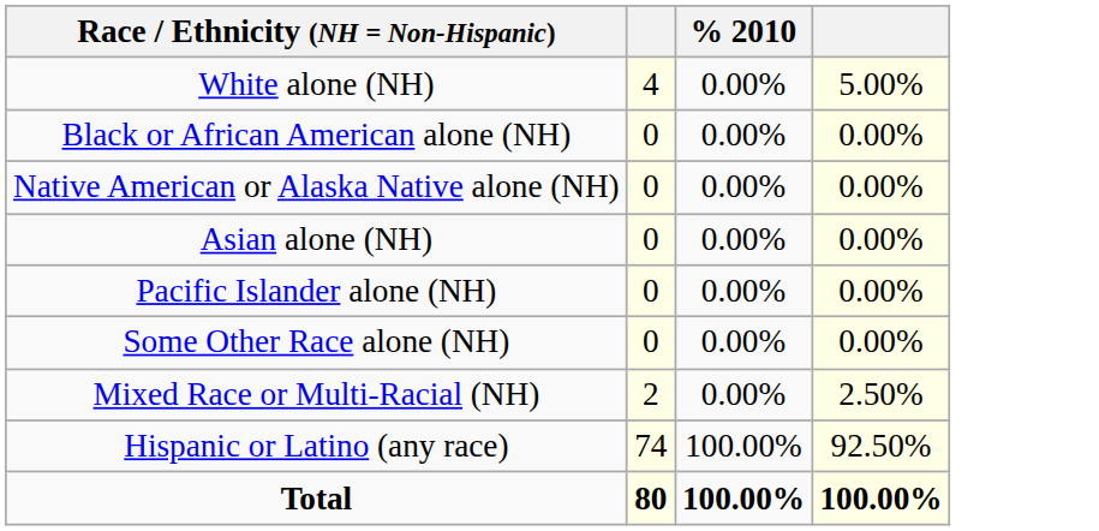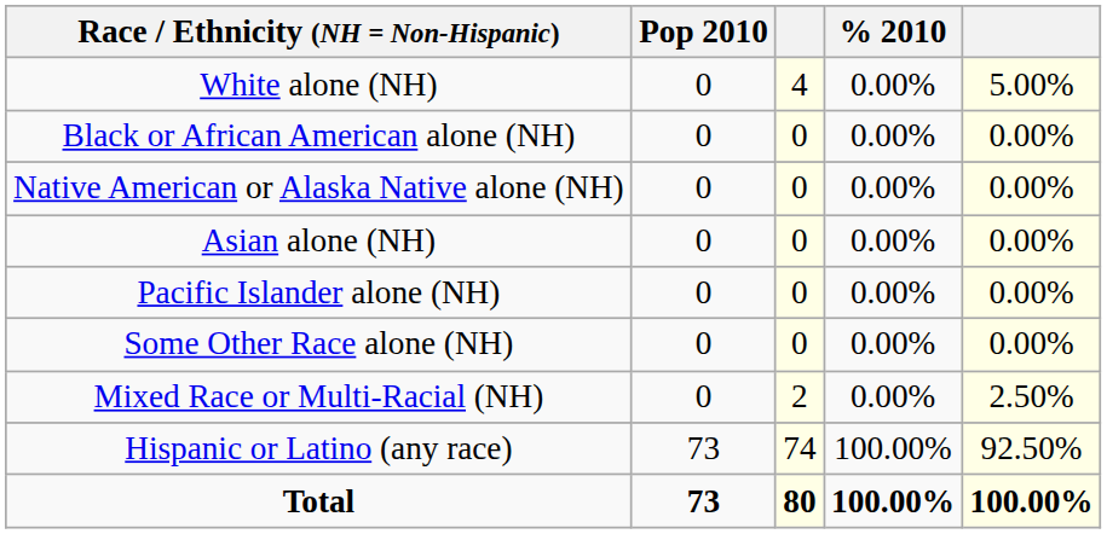 <table class="wikitable" style="text-align:center;">
 <tr>
 <th>Race / Ethnicity <small>(<em>NH = Non-Hispanic</em>)</small></th>
+<th>Pop 2010</th>
 <th></th>
 <th>% 2010</th>
 <th></th>
 </tr>
 <tr>
 <td><a href='#'>White</a> alone (NH)</td>
+<td>0</td>
 <td style='background: #ffffe6;'>4</td>
 <td>0.00%</td>
 <td style='background: #ffffe6;'>5.00%</td>
 </tr>
 <tr>
 <td><a href='#'>Black or African American</a> alone (NH)</td>
+<td>0</td>
 <td style='background: #ffffe6;'>0</td>
 <td>0.00%</td>
 <td style='background: #ffffe6;'>0.00%</td>
 </tr>
 <tr>
 <td><a href='#'>Native American</a> or <a href='#'>Alaska Native</a> alone (NH)</td>
+<td>0</td>
 <td style='background: #ffffe6;'>0</td>
 <td>0.00%</td>
 <td style='background: #ffffe6;'>0.00%</td>
 </tr>
 <tr>
 <td><a href='#'>Asian</a> alone (NH)</td>
+<td>0</td>
 <td style='background: #ffffe6;'>0</td>
 <td>0.00%</td>
 <td style='background: #ffffe6;'>0.00%</td>
 </tr>
 <tr>
 <td><a href='#'>Pacific Islander</a> alone (NH)</td>
+<td>0</td>
 <td style='background: #ffffe6;'>0</td>
 <td>0.00%</td>
 <td style='background: #ffffe6;'>0.00%</td>
 </tr>
 <tr>
 <td><a href='#'>Some Other Race</a> alone (NH)</td>
+<td>0</td>
 <td style='background: #ffffe6;'>0</td>
 <td>0.00%</td>
 <td style='background: #ffffe6;'>0.00%</td>
 </tr>
 <tr>
 <td><a href='#'>Mixed Race or Multi-Racial</a> (NH)</td>
+<td>0</td>
 <td style='background: #ffffe6;'>2</td>
 <td>0.00%</td>
 <td style='background: #ffffe6;'>2.50%</td>
 </tr>
 <tr>
 <td><a href='#'>Hispanic or Latino</a> (any race)</td>
+<td>73</td>
 <td style='background: #ffffe6;'>74</td>
 <td>100.00%</td>
 <td style='background: #ffffe6;'>92.50%</td>
 </tr>
 <tr>
 <td><strong>Total</strong></td>
+<td><strong>73</strong></td>
 <td style='background: #ffffe6;'><strong>80</strong></td>
 <td><strong>100.00%</strong></td>
 <td style='background: #ffffe6;'><strong>100.00%</strong></td>
 </tr>
 </table>
